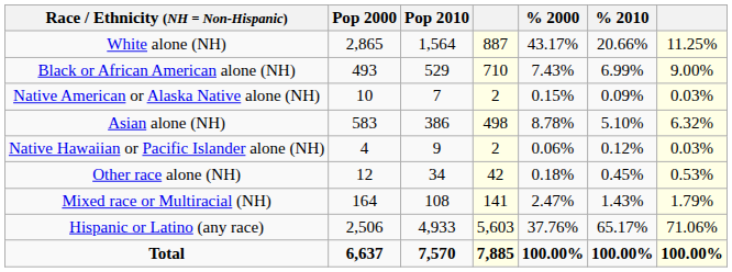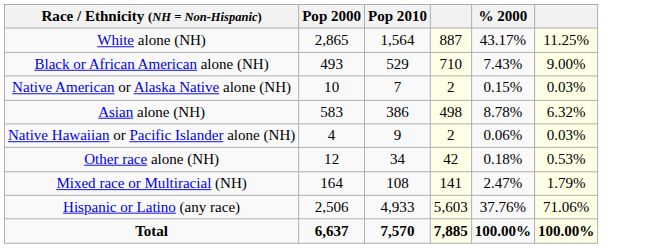 <table class="wikitable" style="text-align:center;">
 <tr>
 <th>Race / Ethnicity <small>(<em>NH = Non-Hispanic</em>)</small></th>
 <th>Pop 2000</th>
 <th>Pop 2010</th>
 <th></th>
 <th>% 2000</th>
-<th>% 2010</th>
 <th></th>
 </tr>
 <tr>
 <td><a href='#'>White</a> alone (NH)</td>
 <td>2,865</td>
 <td>1,564</td>
 <td style='background: #ffffe6;'>887</td>
 <td>43.17%</td>
-<td>20.66%</td>
 <td style='background: #ffffe6;'>11.25%</td>
 </tr>
 <tr>
 <td><a href='#'>Black or African American</a> alone (NH)</td>
 <td>493</td>
 <td>529</td>
 <td style='background: #ffffe6;'>710</td>
 <td>7.43%</td>
-<td>6.99%</td>
 <td style='background: #ffffe6;'>9.00%</td>
 </tr>
 <tr>
 <td><a href='#'>Native American</a> or <a href='#'>Alaska Native</a> alone (NH)</td>
 <td>10</td>
 <td>7</td>
 <td style='background: #ffffe6;'>2</td>
 <td>0.15%</td>
-<td>0.09%</td>
 <td style='background: #ffffe6;'>0.03%</td>
 </tr>
 <tr>
 <td><a href='#'>Asian</a> alone (NH)</td>
 <td>583</td>
 <td>386</td>
 <td style='background: #ffffe6;'>498</td>
 <td>8.78%</td>
-<td>5.10%</td>
 <td style='background: #ffffe6;'>6.32%</td>
 </tr>
 <tr>
 <td><a href='#'>Native Hawaiian</a> or <a href='#'>Pacific Islander</a> alone (NH)</td>
 <td>4</td>
 <td>9</td>
 <td style='background: #ffffe6;'>2</td>
 <td>0.06%</td>
-<td>0.12%</td>
 <td style='background: #ffffe6;'>0.03%</td>
 </tr>
 <tr>
 <td><a href='#'>Other race</a> alone (NH)</td>
 <td>12</td>
 <td>34</td>
 <td style='background: #ffffe6;'>42</td>
 <td>0.18%</td>
-<td>0.45%</td>
 <td style='background: #ffffe6;'>0.53%</td>
 </tr>
 <tr>
 <td><a href='#'>Mixed race or Multiracial</a> (NH)</td>
 <td>164</td>
 <td>108</td>
 <td style='background: #ffffe6;'>141</td>
 <td>2.47%</td>
-<td>1.43%</td>
 <td style='background: #ffffe6;'>1.79%</td>
 </tr>
 <tr>
 <td><a href='#'>Hispanic or Latino</a> (any race)</td>
 <td>2,506</td>
 <td>4,933</td>
 <td style='background: #ffffe6;'>5,603</td>
 <td>37.76%</td>
-<td>65.17%</td>
 <td style='background: #ffffe6;'>71.06%</td>
 </tr>
 <tr>
 <td><strong>Total</strong></td>
 <td><strong>6,637</strong></td>
 <td><strong>7,570</strong></td>
 <td style='background: #ffffe6;'><strong>7,885</strong></td>
 <td><strong>100.00%</strong></td>
-<td><strong>100.00%</strong></td>
 <td style='background: #ffffe6;'><strong>100.00%</strong></td>
 </tr>
 </table>
